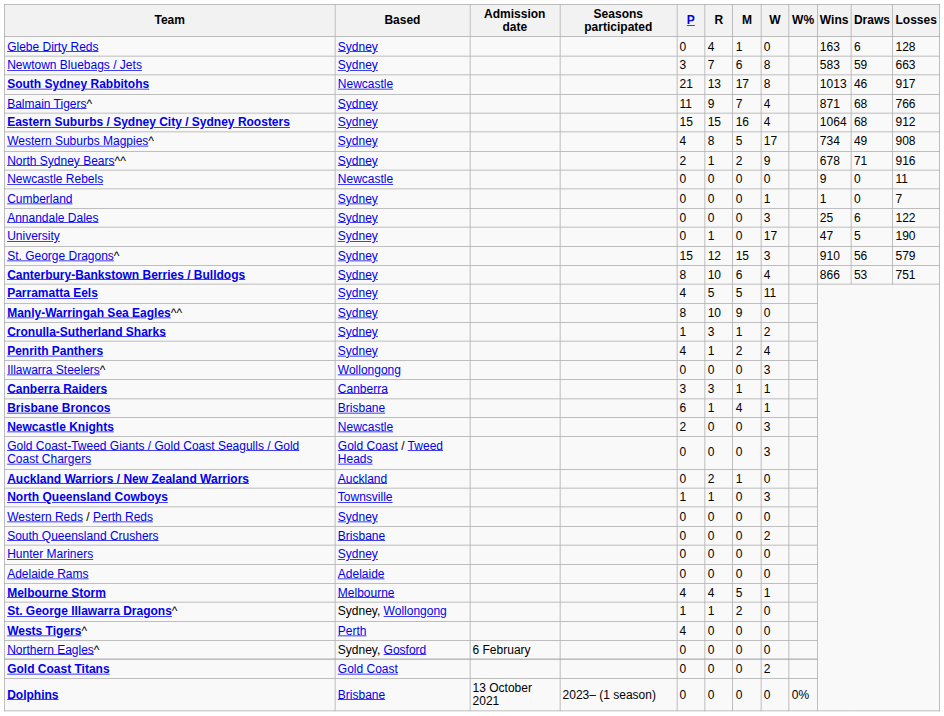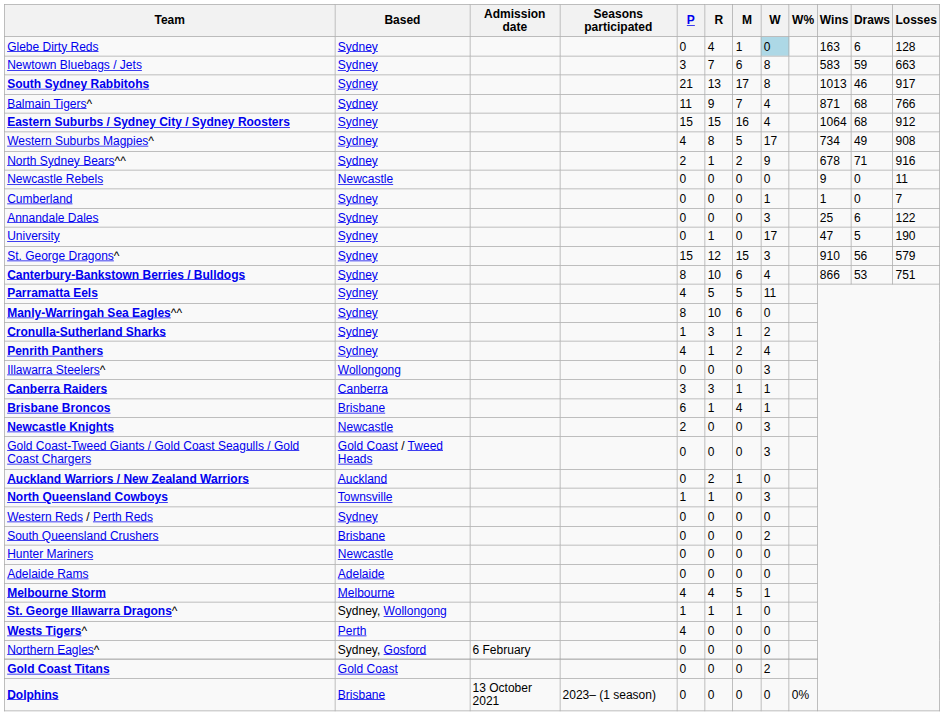 <table class="wikitable sortable">
 <tr>
 <th>Team</th>
 <th>Based</th>
 <th>Admission date</th>
 <th>Seasons participated</th>
 <th width="3%"><a href='#'>P</a><br></th>
 <th width="3%">R<br></th>
 <th width="3%">M<br></th>
 <th width="3%">W<br></th>
 <th width="3%">W%</th>
 <th width="3%">Wins</th>
 <th width="3%">Draws</th>
 <th width="3%">Losses</th>
 </tr>
 <tr>
 <td align=left> <a href='#'>Glebe Dirty Reds</a></td>
 <td><a href='#'>Sydney</a></td>
 <td></td>
 <td></td>
 <td>0</td>
 <td>4</td>
 <td>1</td>
-<td>0</td>
+<td style="background: lightblue;">0</td>
 <td></td>
 <td>163</td>
 <td>6</td>
 <td>128</td>
 </tr>
 <tr>
 <td align="left"> <a href='#'>Newtown Bluebags / Jets</a></td>
 <td><a href='#'>Sydney</a></td>
 <td></td>
 <td></td>
 <td>3</td>
 <td>7</td>
 <td>6</td>
 <td>8</td>
 <td></td>
 <td>583</td>
 <td>59</td>
 <td>663</td>
 </tr>
 <tr>
 <td align=left><strong> <a href='#'>South Sydney Rabbitohs</a></strong></td>
-<td><a href='#'>Newcastle</a></td>
+<td><a href='#'>Sydney</a></td>
 <td></td>
 <td></td>
 <td>21</td>
 <td>13</td>
 <td>17</td>
 <td>8</td>
 <td></td>
 <td>1013</td>
 <td>46</td>
 <td>917</td>
 </tr>
 <tr>
 <td align=left> <a href='#'>Balmain Tigers</a>^</td>
 <td><a href='#'>Sydney</a></td>
 <td></td>
 <td></td>
 <td>11</td>
 <td>9</td>
 <td>7</td>
 <td>4</td>
 <td></td>
 <td>871</td>
 <td>68</td>
 <td>766</td>
 </tr>
 <tr>
 <td align=left><strong> <a href='#'>Eastern Suburbs / Sydney City / Sydney Roosters</a></strong></td>
 <td><a href='#'>Sydney</a></td>
 <td></td>
 <td></td>
 <td>15</td>
 <td>15</td>
 <td>16</td>
 <td>4</td>
 <td></td>
 <td>1064</td>
 <td>68</td>
 <td>912</td>
 </tr>
 <tr>
 <td align=left> <a href='#'>Western Suburbs Magpies</a>^</td>
 <td><a href='#'>Sydney</a></td>
 <td></td>
 <td></td>
 <td>4</td>
 <td>8</td>
 <td>5</td>
 <td>17</td>
 <td></td>
 <td>734</td>
 <td>49</td>
 <td>908</td>
 </tr>
 <tr>
 <td align=left> <a href='#'>North Sydney Bears</a>^^</td>
 <td><a href='#'>Sydney</a></td>
 <td></td>
 <td></td>
 <td>2</td>
 <td>1</td>
 <td>2</td>
 <td>9</td>
 <td></td>
 <td>678</td>
 <td>71</td>
 <td>916</td>
 </tr>
 <tr>
 <td align=left> <a href='#'>Newcastle Rebels</a></td>
 <td><a href='#'>Newcastle</a></td>
 <td></td>
 <td></td>
 <td>0</td>
 <td>0</td>
 <td>0</td>
 <td>0</td>
 <td></td>
 <td>9</td>
 <td>0</td>
 <td>11</td>
 </tr>
 <tr>
 <td align=left> <a href='#'>Cumberland</a></td>
 <td><a href='#'>Sydney</a></td>
 <td></td>
 <td></td>
 <td>0</td>
 <td>0</td>
 <td>0</td>
 <td>1</td>
 <td></td>
 <td>1</td>
 <td>0</td>
 <td>7</td>
 </tr>
 <tr>
 <td align=left> <a href='#'>Annandale Dales</a></td>
 <td><a href='#'>Sydney</a></td>
 <td></td>
 <td></td>
 <td>0</td>
 <td>0</td>
 <td>0</td>
 <td>3</td>
 <td></td>
 <td>25</td>
 <td>6</td>
 <td>122</td>
 </tr>
 <tr>
 <td align=left> <a href='#'>University</a></td>
 <td><a href='#'>Sydney</a></td>
 <td></td>
 <td></td>
 <td>0</td>
 <td>1</td>
 <td>0</td>
 <td>17</td>
 <td></td>
 <td>47</td>
 <td>5</td>
 <td>190</td>
 </tr>
 <tr>
 <td align=left> <a href='#'>St. George Dragons</a>^</td>
 <td><a href='#'>Sydney</a></td>
 <td></td>
 <td></td>
 <td>15</td>
 <td>12</td>
 <td>15</td>
 <td>3</td>
 <td></td>
 <td>910</td>
 <td>56</td>
 <td>579</td>
 </tr>
 <tr>
 <td align=left><strong> <a href='#'>Canterbury-Bankstown Berries /  Bulldogs</a></strong></td>
 <td><a href='#'>Sydney</a></td>
 <td></td>
 <td></td>
 <td>8</td>
 <td>10</td>
 <td>6</td>
 <td>4</td>
 <td></td>
 <td>866</td>
 <td>53</td>
 <td>751</td>
 </tr>
 <tr>
 <td align=left><strong> <a href='#'>Parramatta Eels</a></strong></td>
 <td><a href='#'>Sydney</a></td>
 <td></td>
 <td></td>
 <td>4</td>
 <td>5</td>
 <td>5</td>
 <td>11</td>
 <td></td>
 </tr>
 <tr>
 <td align=left><strong> <a href='#'>Manly-Warringah Sea Eagles</a></strong>^^</td>
 <td><a href='#'>Sydney</a></td>
 <td></td>
 <td></td>
 <td>8</td>
 <td>10</td>
-<td>9</td>
+<td>6</td>
 <td>0</td>
 <td></td>
 </tr>
 <tr>
 <td align=left><strong> <a href='#'>Cronulla-Sutherland Sharks</a></strong></td>
 <td><a href='#'>Sydney</a></td>
 <td></td>
 <td></td>
 <td>1</td>
 <td>3</td>
 <td>1</td>
 <td>2</td>
 <td></td>
 </tr>
 <tr>
 <td align=left><strong> <a href='#'>Penrith Panthers</a></strong></td>
 <td><a href='#'>Sydney</a></td>
 <td></td>
 <td></td>
 <td>4</td>
 <td>1</td>
 <td>2</td>
 <td>4</td>
 <td></td>
 </tr>
 <tr>
 <td align=left> <a href='#'>Illawarra Steelers</a>^</td>
 <td><a href='#'>Wollongong</a></td>
 <td></td>
 <td></td>
 <td>0</td>
 <td>0</td>
 <td>0</td>
 <td>3</td>
 <td></td>
 </tr>
 <tr>
 <td align=left><strong> <a href='#'>Canberra Raiders</a></strong></td>
 <td><a href='#'>Canberra</a></td>
 <td></td>
 <td></td>
 <td>3</td>
 <td>3</td>
 <td>1</td>
 <td>1</td>
 <td></td>
 </tr>
 <tr>
 <td align=left><strong> <a href='#'>Brisbane Broncos</a></strong></td>
 <td><a href='#'>Brisbane</a></td>
 <td></td>
 <td></td>
 <td>6</td>
 <td>1</td>
 <td>4</td>
 <td>1</td>
 <td></td>
 </tr>
 <tr>
 <td align=left><strong> <a href='#'>Newcastle Knights</a></strong></td>
 <td><a href='#'>Newcastle</a></td>
 <td></td>
 <td></td>
 <td>2</td>
 <td>0</td>
 <td>0</td>
 <td>3</td>
 <td></td>
 </tr>
 <tr>
 <td align=left> <a href='#'>Gold Coast-Tweed Giants / Gold Coast Seagulls / Gold Coast Chargers</a></td>
 <td><a href='#'>Gold Coast</a> / <a href='#'>Tweed Heads</a></td>
 <td></td>
 <td></td>
 <td>0</td>
 <td>0</td>
 <td>0</td>
 <td>3</td>
 <td></td>
 </tr>
 <tr>
 <td align=left><strong> <a href='#'>Auckland Warriors / New Zealand Warriors</a></strong></td>
 <td><a href='#'>Auckland</a></td>
 <td></td>
 <td></td>
 <td>0</td>
 <td>2</td>
 <td>1</td>
 <td>0</td>
 <td></td>
 </tr>
 <tr>
 <td align=left><strong> <a href='#'>North Queensland Cowboys</a></strong></td>
 <td><a href='#'>Townsville</a></td>
 <td></td>
 <td></td>
 <td>1</td>
 <td>1</td>
 <td>0</td>
 <td>3</td>
 <td></td>
 </tr>
 <tr>
 <td align=left> <a href='#'>Western Reds</a> / <a href='#'>Perth Reds</a></td>
 <td><a href='#'>Sydney</a></td>
 <td></td>
 <td></td>
 <td>0</td>
 <td>0</td>
 <td>0</td>
 <td>0</td>
 <td></td>
 </tr>
 <tr>
 <td align=left> <a href='#'>South Queensland Crushers</a></td>
 <td><a href='#'>Brisbane</a></td>
 <td></td>
 <td></td>
 <td>0</td>
 <td>0</td>
 <td>0</td>
 <td>2</td>
 <td></td>
 </tr>
 <tr>
 <td align=left> <a href='#'>Hunter Mariners</a></td>
-<td><a href='#'>Sydney</a></td>
+<td><a href='#'>Newcastle</a></td>
 <td></td>
 <td></td>
 <td>0</td>
 <td>0</td>
 <td>0</td>
 <td>0</td>
 <td></td>
 </tr>
 <tr>
 <td align=left> <a href='#'>Adelaide Rams</a></td>
 <td><a href='#'>Adelaide</a></td>
 <td></td>
 <td></td>
 <td>0</td>
 <td>0</td>
 <td>0</td>
 <td>0</td>
 <td></td>
 </tr>
 <tr>
 <td align=left><strong> <a href='#'>Melbourne Storm</a></strong></td>
 <td><a href='#'>Melbourne</a></td>
 <td></td>
 <td></td>
 <td>4</td>
 <td>4</td>
 <td>5</td>
 <td>1</td>
 <td></td>
 </tr>
 <tr>
 <td align=left><strong> <a href='#'>St. George Illawarra Dragons</a></strong>^</td>
 <td>Sydney, <a href='#'>Wollongong</a></td>
 <td></td>
 <td></td>
 <td>1</td>
 <td>1</td>
-<td>2</td>
+<td>1</td>
 <td>0</td>
 <td></td>
 </tr>
 <tr>
 <td align=left><strong> <a href='#'>Wests Tigers</a></strong>^</td>
 <td><a href='#'>Perth</a></td>
 <td></td>
 <td></td>
 <td>4</td>
 <td>0</td>
 <td>0</td>
 <td>0</td>
 <td></td>
 </tr>
 <tr>
 <td align=left> <a href='#'>Northern Eagles</a>^</td>
 <td>Sydney, <a href='#'>Gosford</a></td>
 <td>6 February </td>
 <td></td>
 <td>0</td>
 <td>0</td>
 <td>0</td>
 <td>0</td>
 <td></td>
 </tr>
 <tr>
 </tr>
 <tr>
 <td align=left><strong> <a href='#'>Gold Coast Titans</a></strong></td>
 <td><a href='#'>Gold Coast</a></td>
 <td></td>
 <td></td>
 <td>0</td>
 <td>0</td>
 <td>0</td>
 <td>2</td>
 <td></td>
 </tr>
 <tr>
 <td align=left><strong> <a href='#'>Dolphins</a></strong></td>
 <td><a href='#'>Brisbane</a></td>
 <td>13 October 2021</td>
 <td>2023– (1 season)</td>
 <td>0</td>
 <td>0</td>
 <td>0</td>
 <td>0</td>
 <td>0%</td>
 </tr>
 </table>
